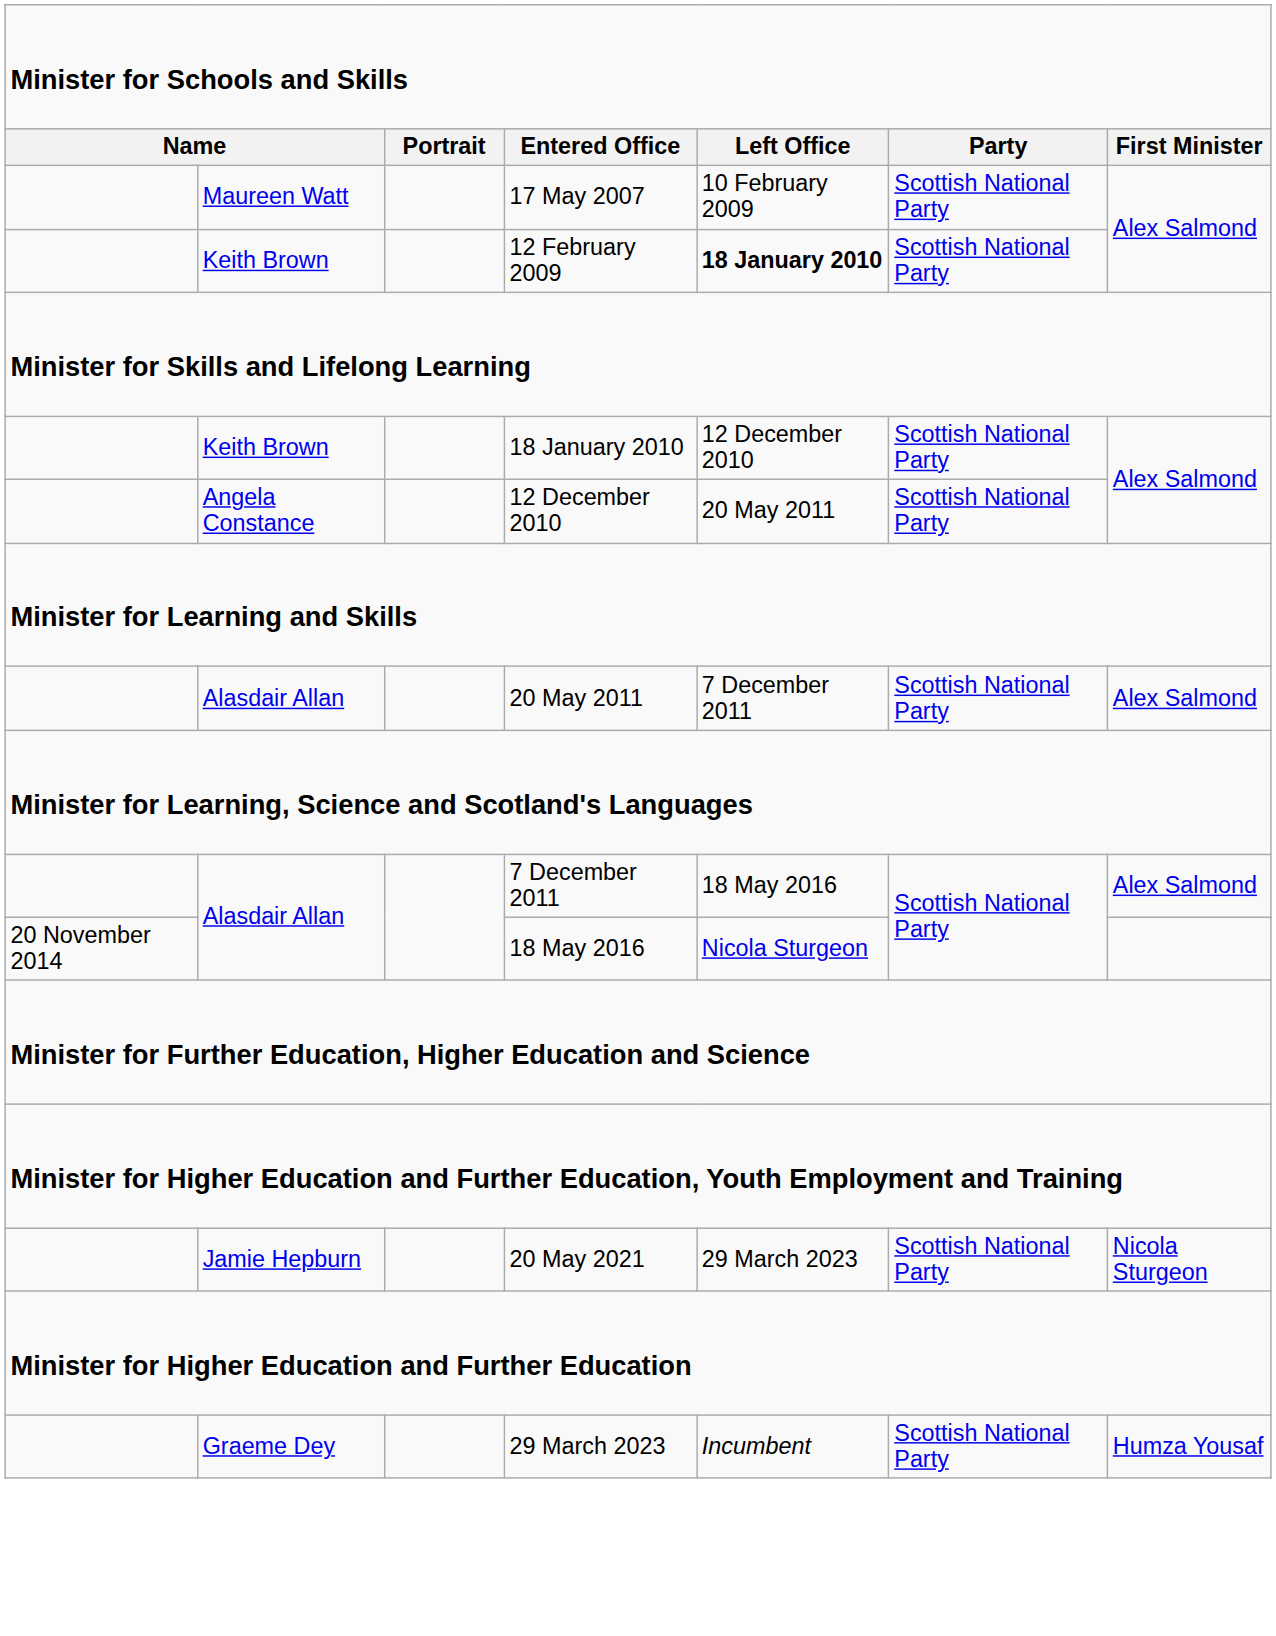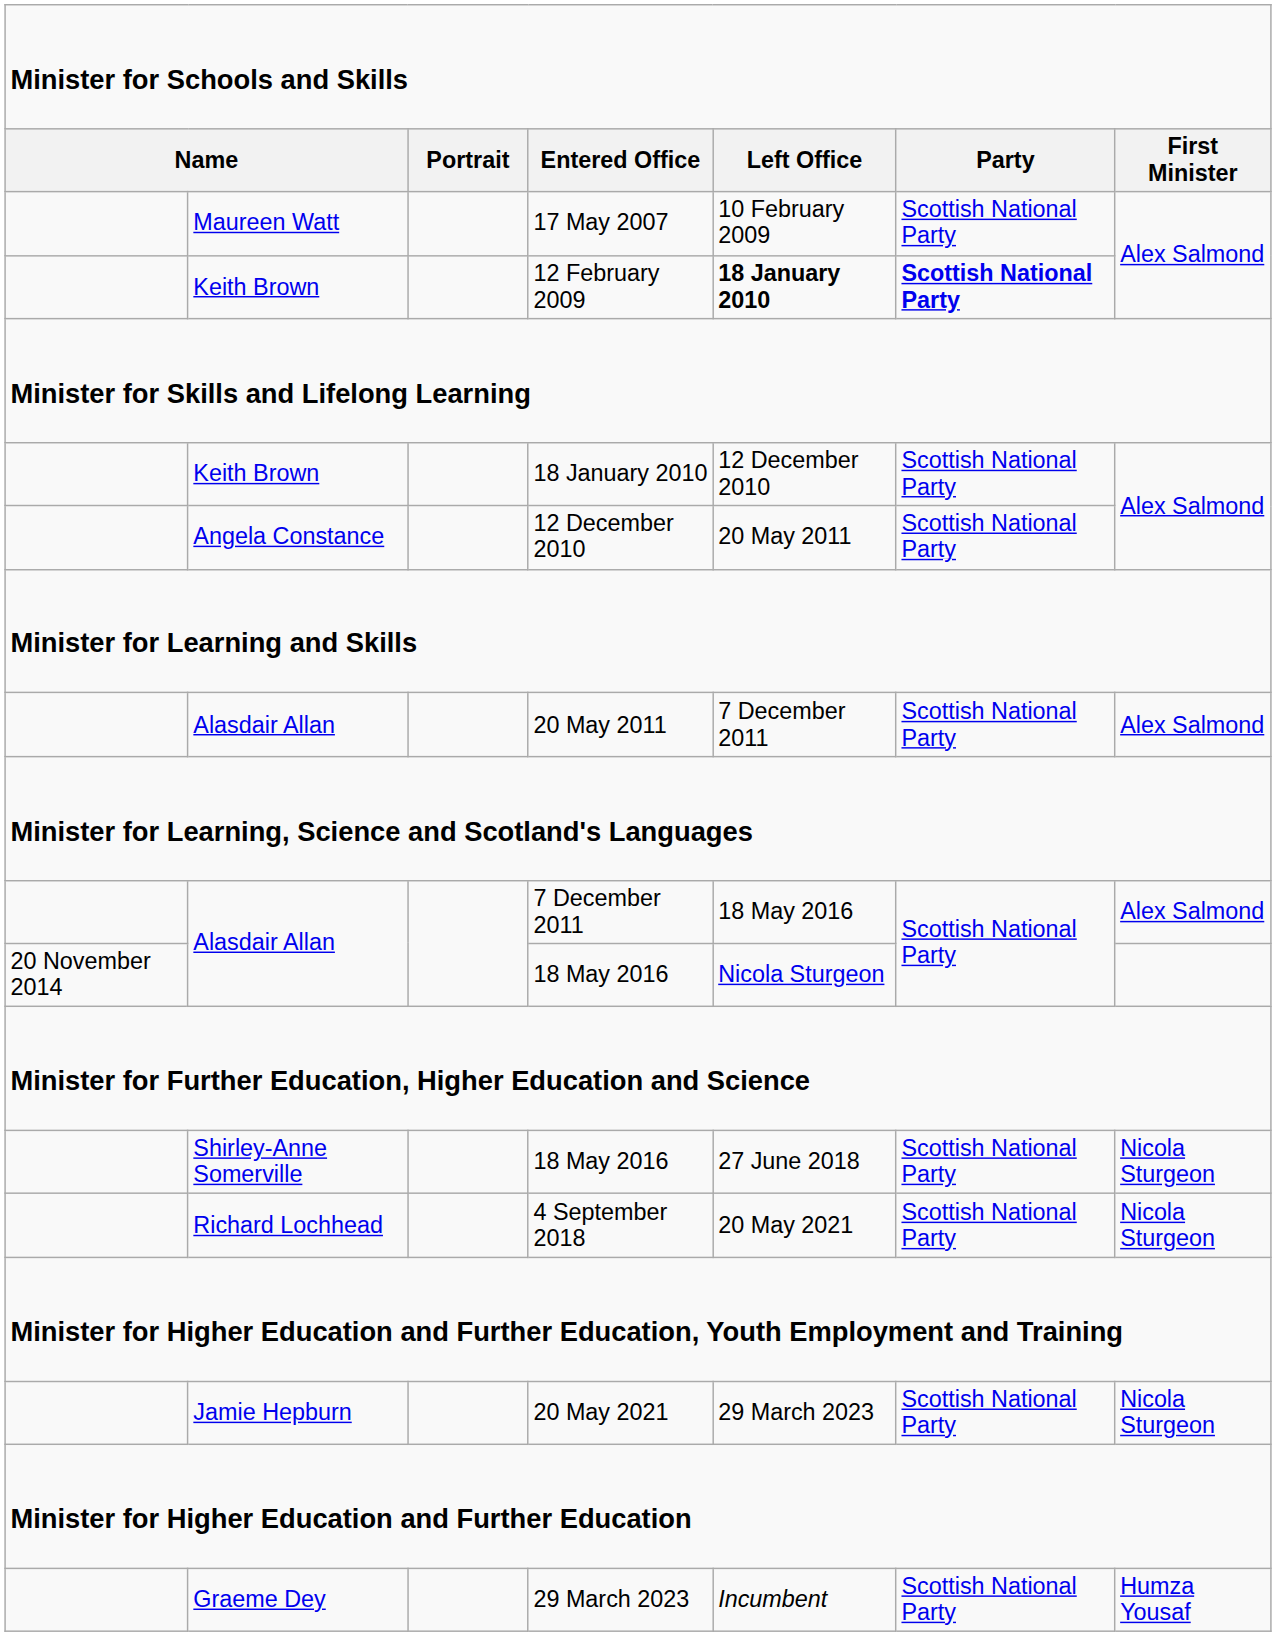 <table class="wikitable" style="margin: 0 0 0 1em; background: #f9f9f9; border: 1px #aaaaaa solid; border-collapse: collapse; ">
 <tr>
 <td colspan="7"><br><h3>Minister for Schools and Skills</h3></td>
 </tr>
 <tr>
 <th colspan="2">Name</th>
 <th width=75>Portrait</th>
 <th>Entered Office</th>
 <th>Left Office</th>
 <th>Party</th>
 <th>First Minister</th>
 </tr>
 <tr>
 <td></td>
 <td><a href='#'>Maureen Watt</a></td>
 <td></td>
 <td>17 May 2007</td>
 <td>10 February 2009</td>
 <td><a href='#'>Scottish National Party</a></td>
 <td rowspan="2"><a href='#'>Alex Salmond</a></td>
 </tr>
 <tr>
 <td></td>
 <td><a href='#'>Keith Brown</a></td>
 <td></td>
 <td>12 February 2009</td>
 <td><strong>18 January 2010</strong></td>
-<td><a href='#'>Scottish National Party</a></td>
+<td><strong><a href='#'>Scottish National Party</a></strong></td>
 </tr>
 <tr>
 <td colspan="7"><br><h3>Minister for Skills and Lifelong Learning</h3></td>
 </tr>
 <tr>
 <td></td>
 <td><a href='#'>Keith Brown</a></td>
 <td></td>
 <td>18 January 2010</td>
 <td>12 December 2010</td>
 <td><a href='#'>Scottish National Party</a></td>
 <td rowspan="2"><a href='#'>Alex Salmond</a></td>
 </tr>
 <tr>
 <td></td>
 <td><a href='#'>Angela Constance</a></td>
 <td></td>
 <td>12 December 2010</td>
 <td>20 May 2011</td>
 <td><a href='#'>Scottish National Party</a></td>
 </tr>
 <tr>
 <td colspan="7"><br><h3>Minister for Learning and Skills</h3></td>
 </tr>
 <tr>
 <td></td>
 <td><a href='#'>Alasdair Allan</a></td>
 <td></td>
 <td>20 May 2011</td>
 <td>7 December 2011</td>
 <td><a href='#'>Scottish National Party</a></td>
 <td><a href='#'>Alex Salmond</a></td>
 </tr>
 <tr>
 <td colspan="7"><br><h3>Minister for Learning, Science and Scotland's Languages</h3></td>
 </tr>
 <tr>
 <td></td>
 <td rowspan="2"><a href='#'>Alasdair Allan</a></td>
 <td rowspan="2"></td>
 <td>7 December 2011</td>
 <td>18 May 2016</td>
 <td rowspan="2"><a href='#'>Scottish National Party</a></td>
 <td><a href='#'>Alex Salmond</a></td>
 </tr>
 <tr>
 <td>20 November 2014</td>
 <td>18 May 2016</td>
 <td><a href='#'>Nicola Sturgeon</a></td>
 </tr>
 <tr>
 <td colspan="7"><br><h3>Minister for Further Education, Higher Education and Science</h3></td>
 </tr>
 <tr>
+<td></td>
+<td><a href='#'>Shirley-Anne Somerville</a></td>
+<td></td>
+<td>18 May 2016</td>
+<td>27 June 2018</td>
+<td><a href='#'>Scottish National Party</a></td>
+<td><a href='#'>Nicola Sturgeon</a></td>
+</tr>
+<tr>
+<td></td>
+<td><a href='#'>Richard Lochhead</a></td>
+<td></td>
+<td>4 September 2018</td>
+<td>20 May 2021</td>
+<td><a href='#'>Scottish National Party</a></td>
+<td><a href='#'>Nicola Sturgeon</a></td>
+</tr>
+<tr>
 <td colspan="7"><br><h3>Minister for Higher Education and Further Education, Youth Employment and Training</h3></td>
 </tr>
 <tr>
 <td></td>
 <td><a href='#'>Jamie Hepburn</a></td>
 <td></td>
 <td>20 May 2021</td>
 <td>29 March 2023</td>
 <td><a href='#'>Scottish National Party</a></td>
 <td><a href='#'>Nicola Sturgeon</a></td>
 </tr>
 <tr>
 <td colspan="7"><br><h3>Minister for Higher Education and Further Education</h3></td>
 </tr>
 <tr>
 <td></td>
 <td><a href='#'>Graeme Dey</a></td>
 <td></td>
 <td>29 March 2023</td>
 <td><em>Incumbent</em></td>
 <td><a href='#'>Scottish National Party</a></td>
 <td><a href='#'>Humza Yousaf</a></td>
 </tr>
 </table>
